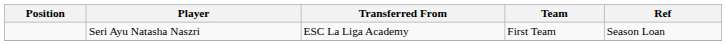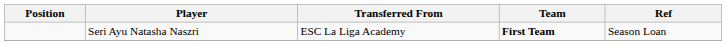 <table class="wikitable sortable" style="width:80%; text-align:center; font-size:100%; text-align:left;">
 <tr>
 <th><strong>Position</strong></th>
 <th><strong>Player</strong></th>
 <th><strong>Transferred From</strong></th>
 <th><strong>Team</strong></th>
 <th><strong>Ref</strong></th>
 </tr>
 <tr>
 <td></td>
 <td> Seri Ayu Natasha Naszri</td>
 <td> ESC La Liga Academy</td>
-<td>First Team</td>
+<td><strong>First Team</strong></td>
 <td>Season Loan  </td>
 </tr>
 <tr>
 </tr>
 </table>
